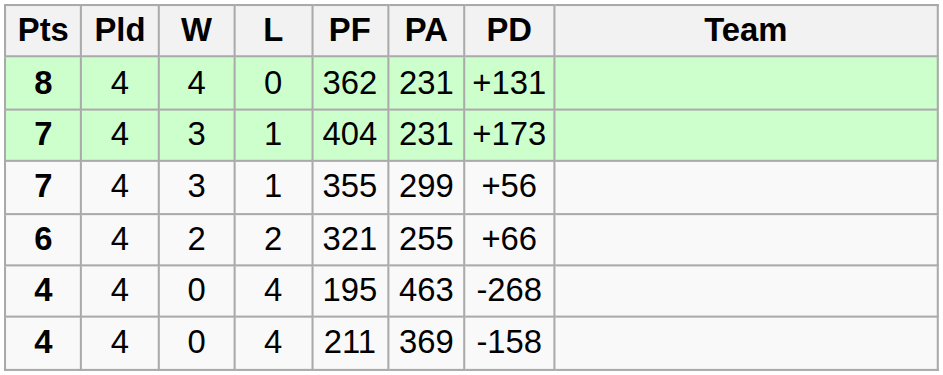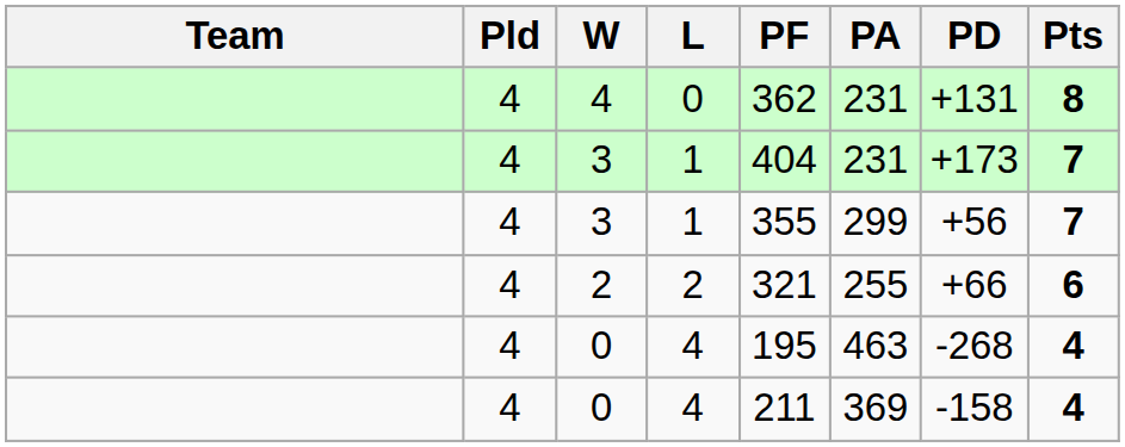 <table class=wikitable style="text-align:center">
 <tr>
-<th width=30>Pts</th>
+<th width=180>Team</th>
 <th width=30>Pld</th>
 <th width=30>W</th>
 <th width=30>L</th>
 <th width=30>PF</th>
 <th width=30>PA</th>
 <th width=30>PD</th>
-<th width=180>Team</th>
+<th width=30>Pts</th>
 </tr>
 <tr bgcolor="#ccffcc">
-<td><strong>8</strong></td>
+<td align="left"></td>
 <td>4</td>
 <td>4</td>
 <td>0</td>
 <td>362</td>
 <td>231</td>
 <td>+131</td>
-<td align="left"></td>
+<td><strong>8</strong></td>
 </tr>
 <tr bgcolor="#ccffcc">
-<td><strong>7</strong></td>
+<td align="left"></td>
 <td>4</td>
 <td>3</td>
 <td>1</td>
 <td>404</td>
 <td>231</td>
 <td>+173</td>
-<td align="left"></td>
+<td><strong>7</strong></td>
 </tr>
 <tr>
-<td><strong>7</strong></td>
+<td align="left"></td>
 <td>4</td>
 <td>3</td>
 <td>1</td>
 <td>355</td>
 <td>299</td>
 <td>+56</td>
-<td align="left"></td>
+<td><strong>7</strong></td>
 </tr>
 <tr>
-<td><strong>6</strong></td>
+<td align="left"></td>
 <td>4</td>
 <td>2</td>
 <td>2</td>
 <td>321</td>
 <td>255</td>
 <td>+66</td>
-<td align="left"></td>
+<td><strong>6</strong></td>
 </tr>
 <tr>
-<td><strong>4</strong></td>
+<td align="left"></td>
 <td>4</td>
 <td>0</td>
 <td>4</td>
 <td>195</td>
 <td>463</td>
 <td>-268</td>
-<td align="left"></td>
+<td><strong>4</strong></td>
 </tr>
 <tr>
-<td><strong>4</strong></td>
+<td align="left"></td>
 <td>4</td>
 <td>0</td>
 <td>4</td>
 <td>211</td>
 <td>369</td>
 <td>-158</td>
-<td align="left"></td>
+<td><strong>4</strong></td>
 </tr>
 </table>
